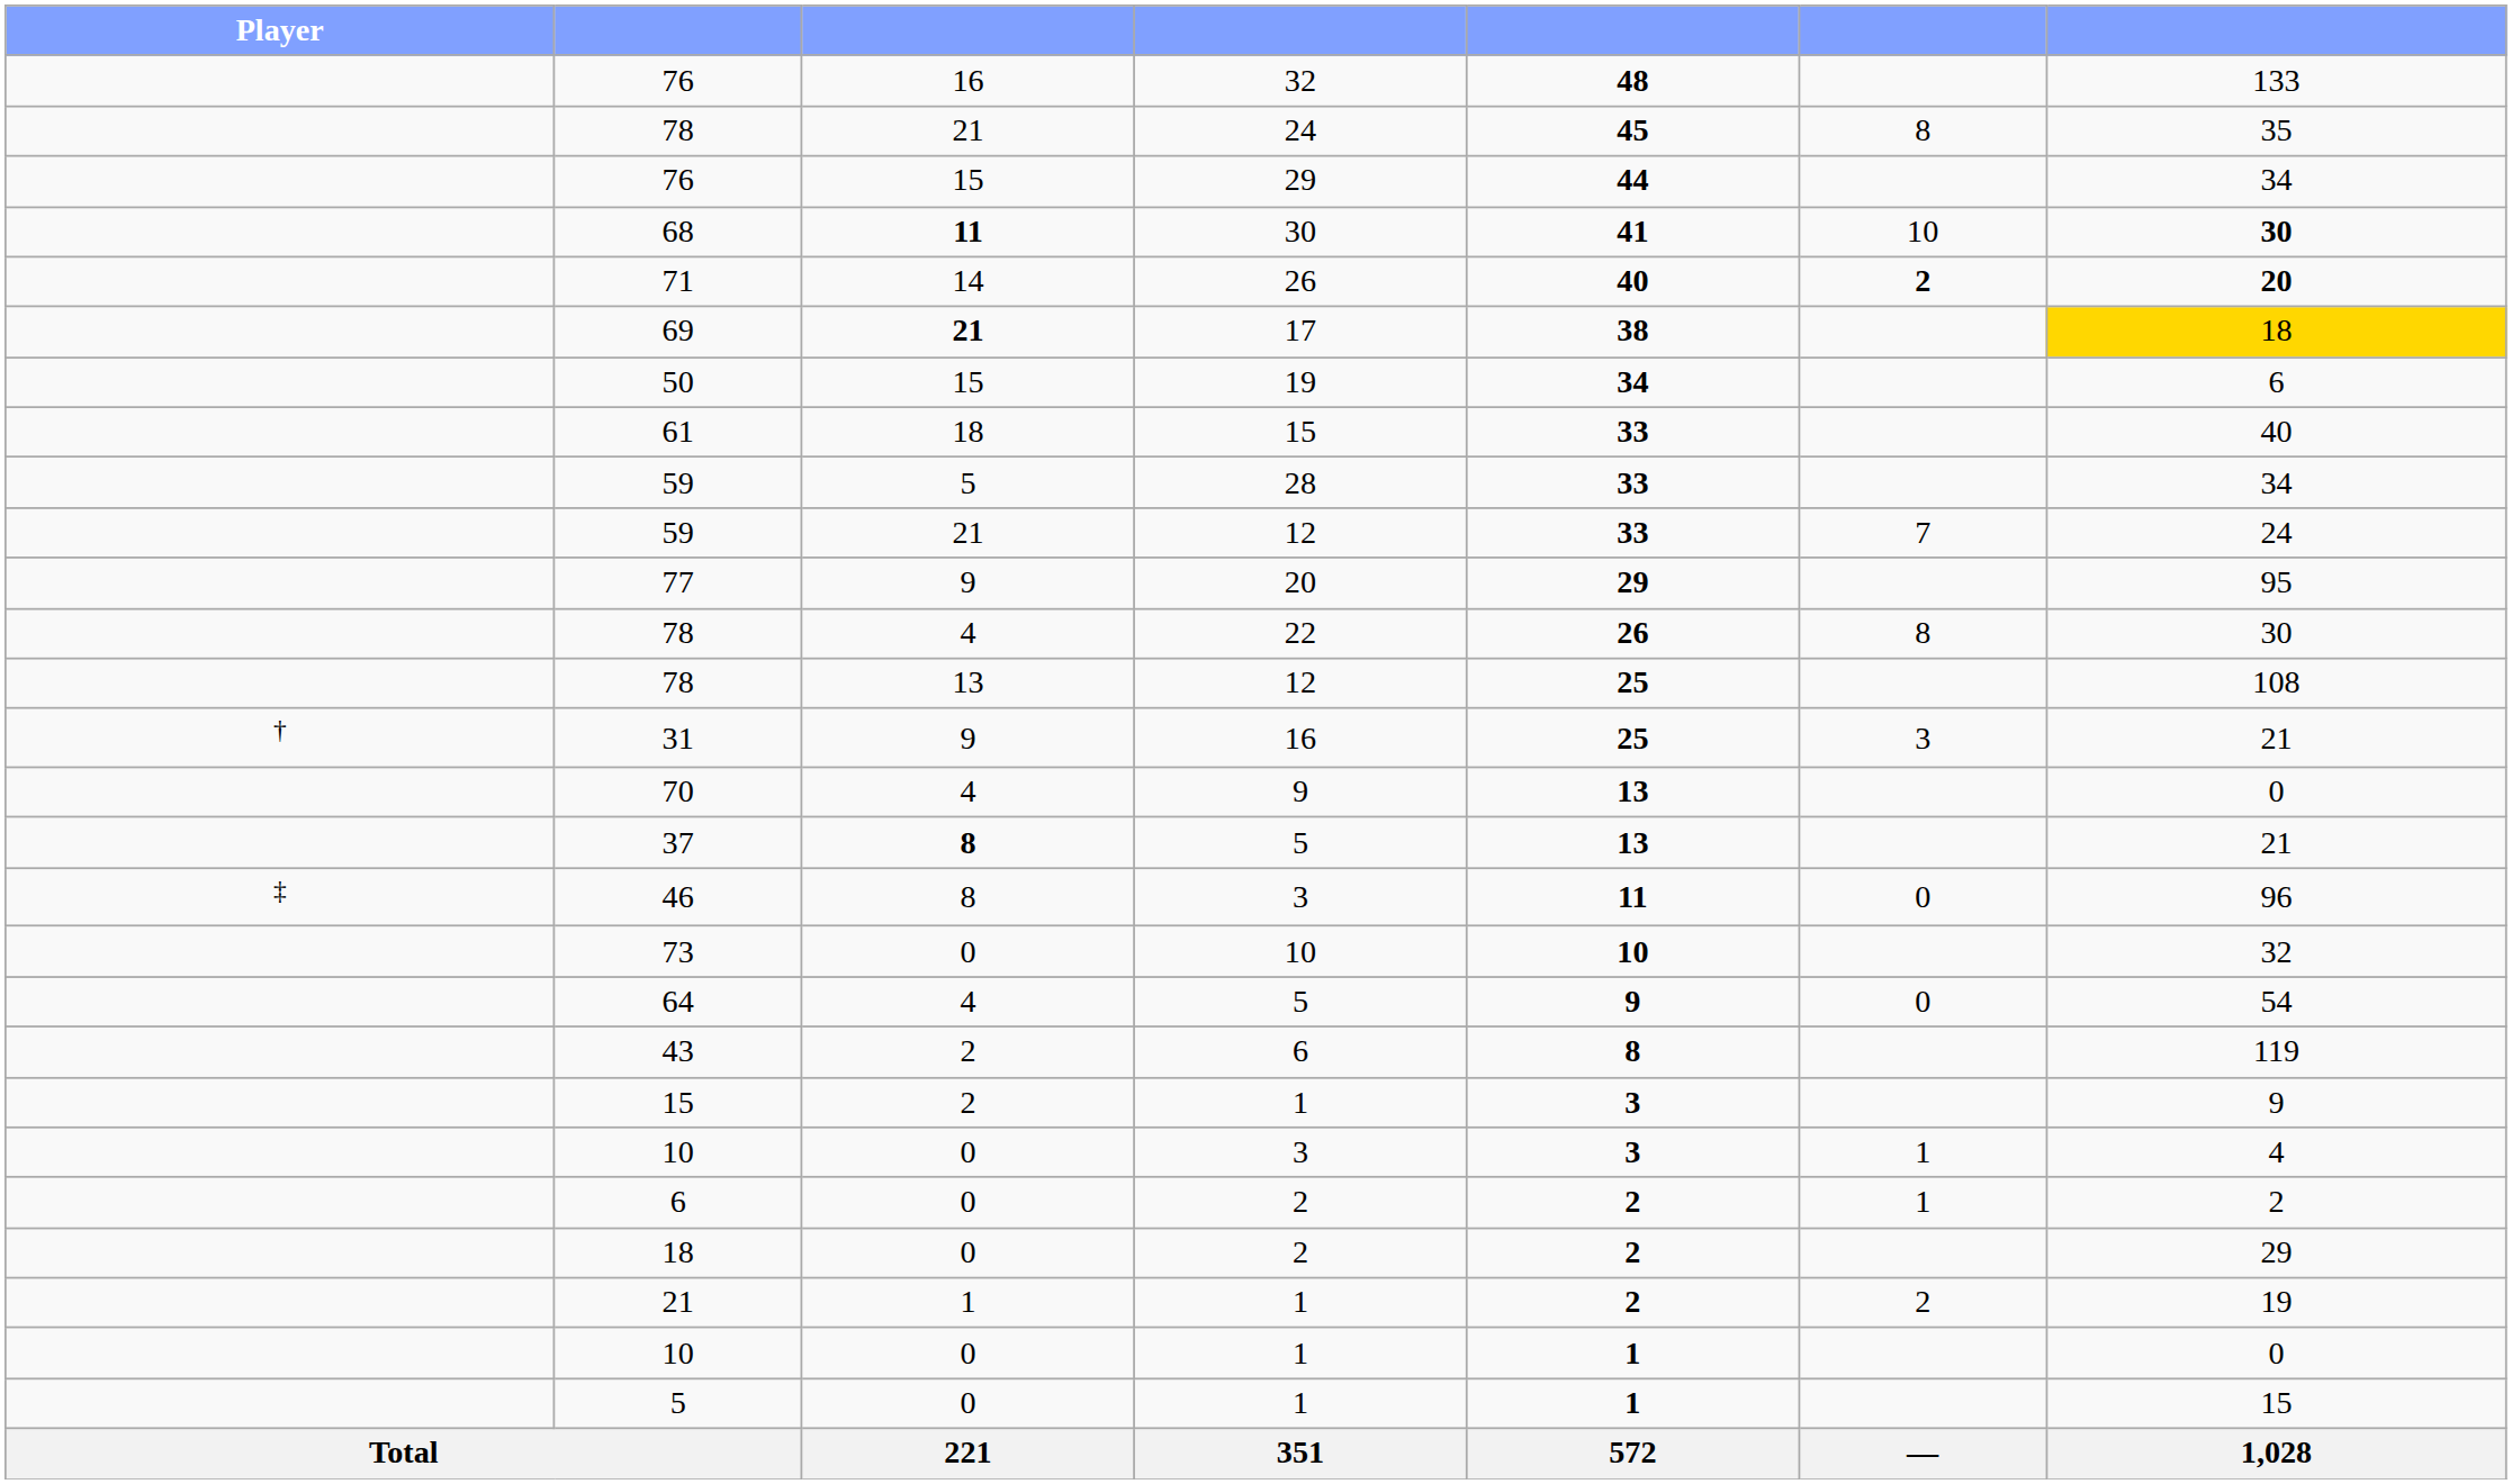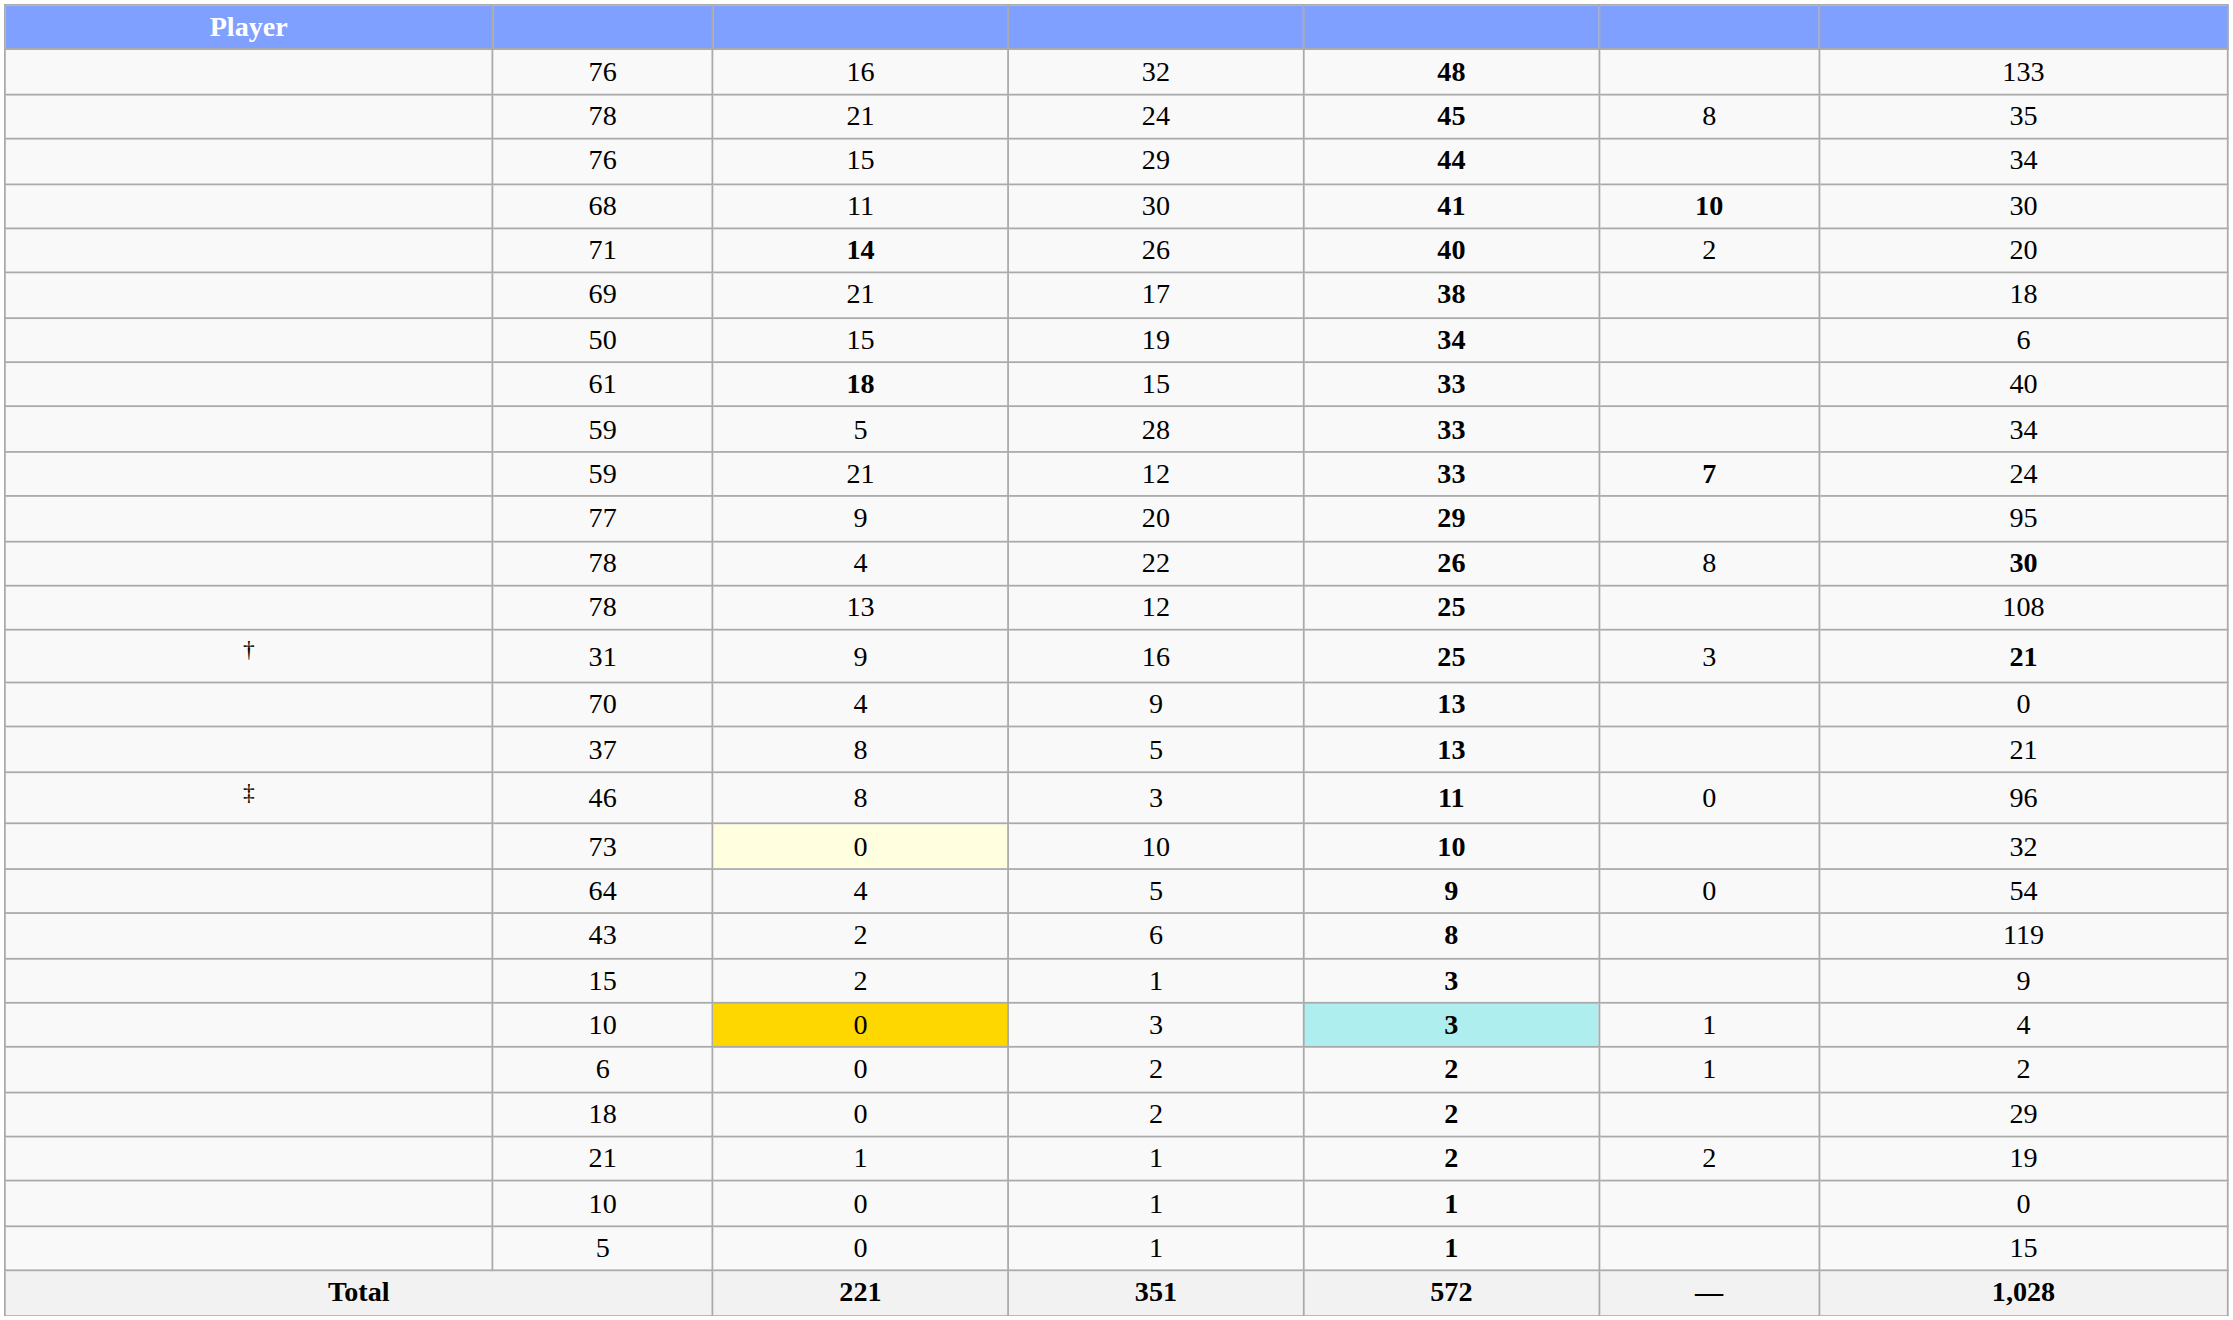 <table class="wikitable sortable" style="width:100%; text-align:center;">
 <tr align=center>
 <th style="color:white; background:#80A0FF; ">Player</th>
 <th style="color:white; background:#80A0FF; "></th>
 <th style="color:white; background:#80A0FF; "></th>
 <th style="color:white; background:#80A0FF; "></th>
 <th style="color:white; background:#80A0FF; "></th>
 <th style="color:white; background:#80A0FF; "></th>
 <th style="color:white; background:#80A0FF; "></th>
 </tr>
 <tr>
 <td></td>
 <td>76</td>
 <td>16</td>
 <td>32</td>
 <td><strong>48</strong></td>
 <td></td>
 <td>133</td>
 </tr>
 <tr>
 <td></td>
 <td>78</td>
 <td>21</td>
 <td>24</td>
 <td><strong>45</strong></td>
 <td>8</td>
 <td>35</td>
 </tr>
 <tr>
 <td></td>
 <td>76</td>
 <td>15</td>
 <td>29</td>
 <td><strong>44</strong></td>
 <td></td>
 <td>34</td>
 </tr>
 <tr>
 <td></td>
 <td>68</td>
-<td><strong>11</strong></td>
+<td>11</td>
 <td>30</td>
 <td><strong>41</strong></td>
-<td>10</td>
-<td><strong>30</strong></td>
+<td><strong>10</strong></td>
+<td>30</td>
 </tr>
 <tr>
 <td></td>
 <td>71</td>
-<td>14</td>
+<td><strong>14</strong></td>
 <td>26</td>
 <td><strong>40</strong></td>
-<td><strong>2</strong></td>
-<td><strong>20</strong></td>
+<td>2</td>
+<td>20</td>
 </tr>
 <tr>
 <td></td>
 <td>69</td>
-<td><strong>21</strong></td>
+<td>21</td>
 <td>17</td>
 <td><strong>38</strong></td>
 <td></td>
-<td style="background: gold;">18</td>
+<td>18</td>
 </tr>
 <tr>
 <td></td>
 <td>50</td>
 <td>15</td>
 <td>19</td>
 <td><strong>34</strong></td>
 <td></td>
 <td>6</td>
 </tr>
 <tr>
 <td></td>
 <td>61</td>
-<td>18</td>
+<td><strong>18</strong></td>
 <td>15</td>
 <td><strong>33</strong></td>
 <td></td>
 <td>40</td>
 </tr>
 <tr>
 <td></td>
 <td>59</td>
 <td>5</td>
 <td>28</td>
 <td><strong>33</strong></td>
 <td></td>
 <td>34</td>
 </tr>
 <tr>
 <td></td>
 <td>59</td>
 <td>21</td>
 <td>12</td>
 <td><strong>33</strong></td>
-<td>7</td>
+<td><strong>7</strong></td>
 <td>24</td>
 </tr>
 <tr>
 <td></td>
 <td>77</td>
 <td>9</td>
 <td>20</td>
 <td><strong>29</strong></td>
 <td></td>
 <td>95</td>
 </tr>
 <tr>
 <td></td>
 <td>78</td>
 <td>4</td>
 <td>22</td>
 <td><strong>26</strong></td>
 <td>8</td>
-<td>30</td>
+<td><strong>30</strong></td>
 </tr>
 <tr>
 <td></td>
 <td>78</td>
 <td>13</td>
 <td>12</td>
 <td><strong>25</strong></td>
 <td></td>
 <td>108</td>
 </tr>
 <tr>
 <td><sup>†</sup></td>
 <td>31</td>
 <td>9</td>
 <td>16</td>
 <td><strong>25</strong></td>
 <td>3</td>
-<td>21</td>
+<td><strong>21</strong></td>
 </tr>
 <tr>
 <td></td>
 <td>70</td>
 <td>4</td>
 <td>9</td>
 <td><strong>13</strong></td>
 <td></td>
 <td>0</td>
 </tr>
 <tr>
 <td></td>
 <td>37</td>
-<td><strong>8</strong></td>
+<td>8</td>
 <td>5</td>
 <td><strong>13</strong></td>
 <td></td>
 <td>21</td>
 </tr>
 <tr>
 <td><sup>‡</sup></td>
 <td>46</td>
 <td>8</td>
 <td>3</td>
 <td><strong>11</strong></td>
 <td>0</td>
 <td>96</td>
 </tr>
 <tr>
 <td></td>
 <td>73</td>
-<td>0</td>
+<td style="background: lightyellow;">0</td>
 <td>10</td>
 <td><strong>10</strong></td>
 <td></td>
 <td>32</td>
 </tr>
 <tr>
 <td></td>
 <td>64</td>
 <td>4</td>
 <td>5</td>
 <td><strong>9</strong></td>
 <td>0</td>
 <td>54</td>
 </tr>
 <tr>
 <td></td>
 <td>43</td>
 <td>2</td>
 <td>6</td>
 <td><strong>8</strong></td>
 <td></td>
 <td>119</td>
 </tr>
 <tr>
 <td></td>
 <td>15</td>
 <td>2</td>
 <td>1</td>
 <td><strong>3</strong></td>
 <td></td>
 <td>9</td>
 </tr>
 <tr>
 <td></td>
 <td>10</td>
-<td>0</td>
+<td style="background: gold;">0</td>
 <td>3</td>
-<td><strong>3</strong></td>
+<td style="background: paleturquoise;"><strong>3</strong></td>
 <td>1</td>
 <td>4</td>
 </tr>
 <tr>
 <td></td>
 <td>6</td>
 <td>0</td>
 <td>2</td>
 <td><strong>2</strong></td>
 <td>1</td>
 <td>2</td>
 </tr>
 <tr>
 <td></td>
 <td>18</td>
 <td>0</td>
 <td>2</td>
 <td><strong>2</strong></td>
 <td></td>
 <td>29</td>
 </tr>
 <tr>
 <td></td>
 <td>21</td>
 <td>1</td>
 <td>1</td>
 <td><strong>2</strong></td>
 <td>2</td>
 <td>19</td>
 </tr>
 <tr>
 <td></td>
 <td>10</td>
 <td>0</td>
 <td>1</td>
 <td><strong>1</strong></td>
 <td></td>
 <td>0</td>
 </tr>
 <tr>
 <td></td>
 <td>5</td>
 <td>0</td>
 <td>1</td>
 <td><strong>1</strong></td>
 <td></td>
 <td>15</td>
 </tr>
 <tr class="sortbottom">
 <th colspan=2>Total</th>
 <th>221</th>
 <th>351</th>
 <th>572</th>
 <th>—</th>
 <th>1,028</th>
 </tr>
 </table>
